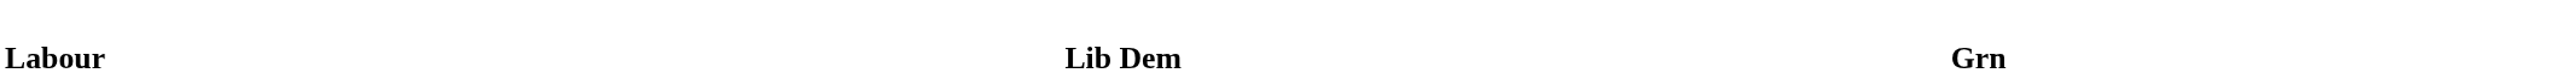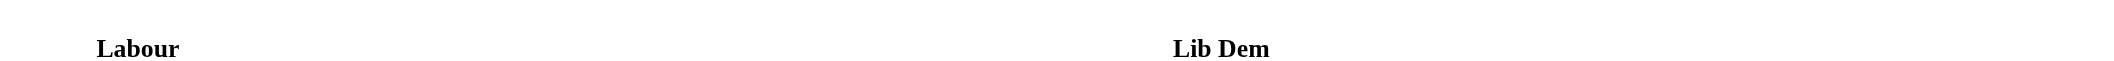 <table style="width:100%; text-align:center;">
 <tr style="color:white;">
 <td style="background:"><strong>87</strong></td>
 <td style="background:"><strong>4</strong></td>
-<td style="background:"><strong>3</strong></td>
 <td style="background:"><strong>1</strong></td>
 <td style="background:"><strong>1</strong></td>
 </tr>
 <tr>
 <td><span><strong>Labour</strong></span></td>
 <td><span><strong>Lib Dem</strong></span></td>
-<td><span><strong>Grn</strong></span></td>
 <td></td>
 <td></td>
 </tr>
 </table>
